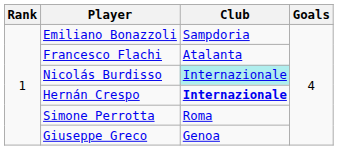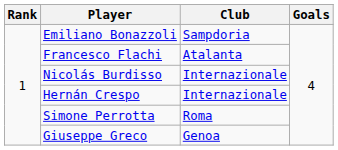 <table class="wikitable sortable" style="text-align:center">
 <tr>
 <th>Rank</th>
 <th>Player</th>
 <th>Club</th>
 <th>Goals</th>
 </tr>
 <tr>
 <td rowspan="6">1</td>
 <td align="left"> <a href='#'>Emiliano Bonazzoli</a></td>
 <td align="left"><a href='#'>Sampdoria</a></td>
 <td rowspan="6">4</td>
 </tr>
 <tr>
 <td align="left"> <a href='#'>Francesco Flachi</a></td>
 <td align="left"><a href='#'>Atalanta</a></td>
 </tr>
 <tr>
 <td align="left"> <a href='#'>Nicolás Burdisso</a></td>
-<td align="left" style="background: paleturquoise;"><a href='#'>Internazionale</a></td>
+<td align="left"><a href='#'>Internazionale</a></td>
 </tr>
 <tr>
 <td align="left"> <a href='#'>Hernán Crespo</a></td>
-<td align="left"><strong><a href='#'>Internazionale</a></strong></td>
+<td align="left"><a href='#'>Internazionale</a></td>
 </tr>
 <tr>
 <td align="left"> <a href='#'>Simone Perrotta</a></td>
 <td align="left"><a href='#'>Roma</a></td>
 </tr>
 <tr>
 <td align="left"> <a href='#'>Giuseppe Greco</a></td>
 <td align="left"><a href='#'>Genoa</a></td>
 </tr>
 </table>
